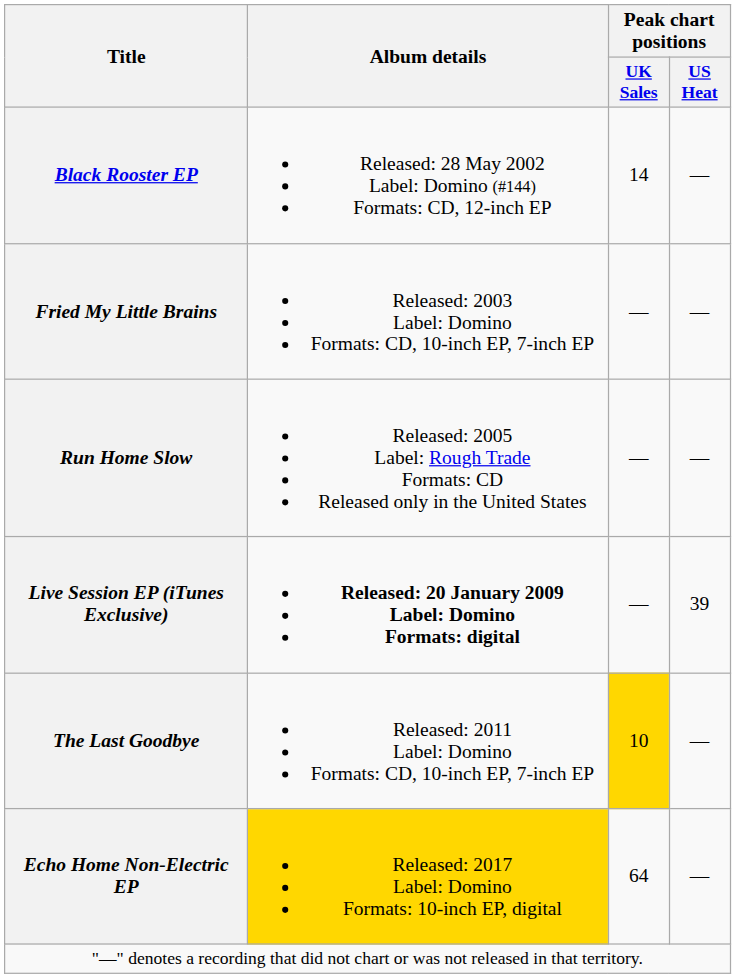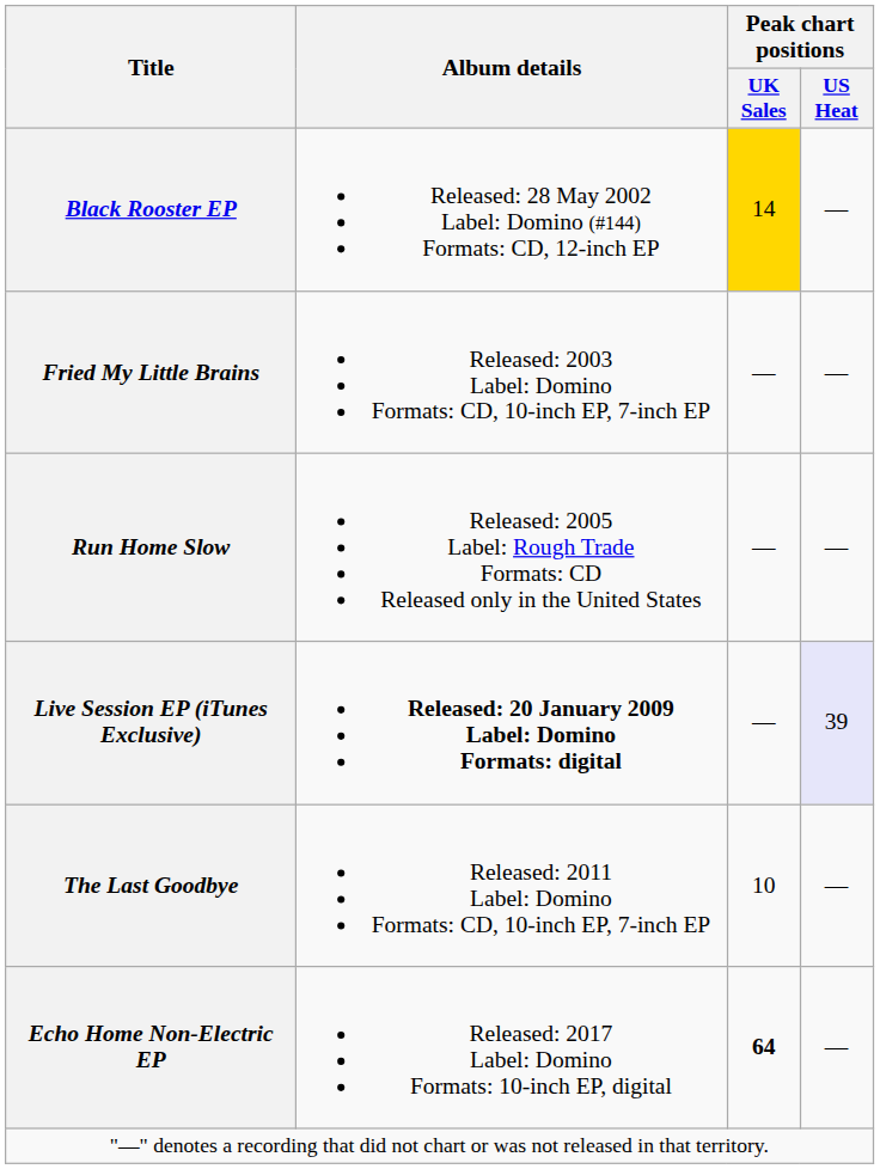 <table class="wikitable plainrowheaders" style="text-align:center;" border="1">
 <tr>
 <th scope="col" rowspan="2" style="width:12em;">Title</th>
 <th scope="col" rowspan="2" style="width:18em;">Album details</th>
 <th scope="col" colspan="2">Peak chart positions</th>
 </tr>
 <tr>
 <th scope="col" style="width:3em;font-size:90%;"><a href='#'>UK<br>Sales</a><br></th>
 <th scope="col" style="width:3em;font-size:90%;"><a href='#'>US<br>Heat</a><br></th>
 </tr>
 <tr>
 <th scope="row"><em><a href='#'>Black Rooster EP</a></em></th>
 <td><br><ul><li>Released: 28 May 2002</li><li>Label: Domino <small>(#144)</small></li><li>Formats: CD, 12-inch EP</li></ul></td>
-<td>14</td>
+<td style="background: gold;">14</td>
 <td>—</td>
 </tr>
 <tr>
 <th scope="row"><em>Fried My Little Brains</em></th>
 <td><br><ul><li>Released: 2003</li><li>Label: Domino</li><li>Formats: CD, 10-inch EP, 7-inch EP</li></ul></td>
 <td>—</td>
 <td>—</td>
 </tr>
 <tr>
 <th scope="row"><em>Run Home Slow</em></th>
 <td><br><ul><li>Released: 2005</li><li>Label: <a href='#'>Rough Trade</a></li><li>Formats: CD</li><li>Released only in the United States</li></ul></td>
 <td>—</td>
 <td>—</td>
 </tr>
 <tr>
 <th scope="row"><em>Live Session EP (iTunes Exclusive)</em></th>
 <td><strong><br><ul><li>Released: 20 January 2009</li><li>Label: Domino</li><li>Formats: digital</li></ul></strong></td>
 <td>—</td>
-<td>39</td>
+<td style="background: lavender;">39</td>
 </tr>
 <tr>
 <th scope="row"><em>The Last Goodbye</em></th>
 <td><br><ul><li>Released: 2011</li><li>Label: Domino</li><li>Formats: CD, 10-inch EP, 7-inch EP</li></ul></td>
-<td style="background: gold;">10</td>
+<td>10</td>
 <td>—</td>
 </tr>
 <tr>
 <th scope="row"><em>Echo Home Non-Electric EP</em></th>
-<td style="background: gold;"><br><ul><li>Released: 2017</li><li>Label: Domino</li><li>Formats: 10-inch EP, digital</li></ul></td>
-<td>64</td>
+<td><br><ul><li>Released: 2017</li><li>Label: Domino</li><li>Formats: 10-inch EP, digital</li></ul></td>
+<td><strong>64</strong></td>
 <td>—</td>
 </tr>
 <tr>
 <td colspan="14" style="font-size:90%">"—" denotes a recording that did not chart or was not released in that territory.</td>
 </tr>
 </table>
